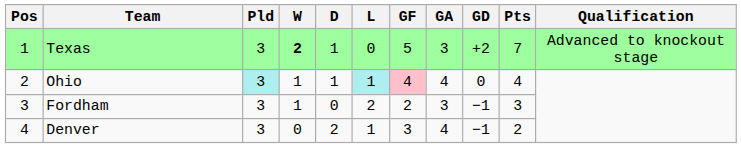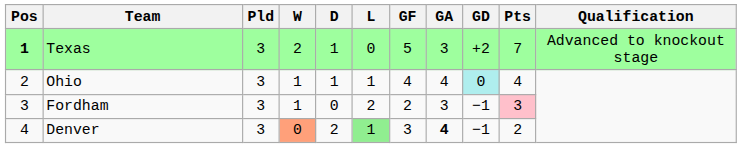 <table class="wikitable" style="text-align:center; margin: 1em auto">
 <tr>
 <th style="width:2em">Pos</th>
 <th style="width:13em">Team</th>
 <th style="width:2em">Pld</th>
 <th style="width:2em">W</th>
 <th style="width:2em">D</th>
 <th style="width:2em">L</th>
 <th style="width:2em">GF</th>
 <th style="width:2em">GA</th>
 <th style="width:2em">GD</th>
 <th style="width:2em">Pts</th>
 <th style="width:13em">Qualification</th>
 </tr>
 <tr bgcolor="#9eff9e">
-<td>1</td>
+<td><strong>1</strong></td>
 <td style="text-align:left">Texas</td>
 <td>3</td>
-<td><strong>2</strong></td>
+<td>2</td>
 <td>1</td>
 <td>0</td>
 <td>5</td>
 <td>3</td>
 <td>+2</td>
 <td>7</td>
 <td>Advanced to knockout stage</td>
 </tr>
 <tr>
 <td>2</td>
 <td style="text-align:left">Ohio</td>
-<td style="background: paleturquoise;">3</td>
+<td>3</td>
 <td>1</td>
 <td>1</td>
-<td style="background: paleturquoise;">1</td>
-<td style="background: pink;">4</td>
+<td>1</td>
 <td>4</td>
-<td>0</td>
+<td>4</td>
+<td style="background: paleturquoise;">0</td>
 <td>4</td>
 </tr>
 <tr>
 <td>3</td>
 <td style="text-align:left">Fordham</td>
 <td>3</td>
 <td>1</td>
 <td>0</td>
 <td>2</td>
 <td>2</td>
 <td>3</td>
 <td>−1</td>
-<td>3</td>
+<td style="background: pink;">3</td>
 </tr>
 <tr>
 <td>4</td>
 <td style="text-align:left">Denver</td>
 <td>3</td>
-<td>0</td>
+<td style="background: lightsalmon;">0</td>
 <td>2</td>
-<td>1</td>
+<td style="background: lightgreen;">1</td>
 <td>3</td>
-<td>4</td>
+<td><strong>4</strong></td>
 <td>−1</td>
 <td>2</td>
 </tr>
 </table>
